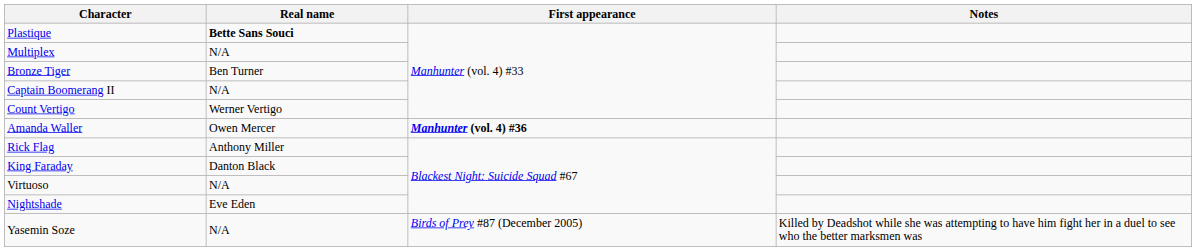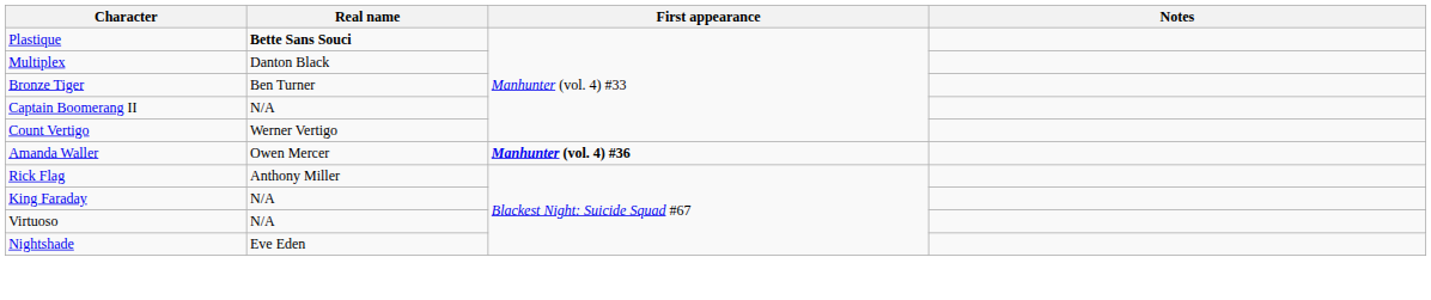 <table class="wikitable" width=100%>
 <tr>
 <th width=17%>Character</th>
 <th width=17%>Real name</th>
 <th width=31%>First appearance</th>
 <th width=35%>Notes</th>
 </tr>
 <tr>
 <td><a href='#'>Plastique</a></td>
 <td><strong>Bette Sans Souci</strong></td>
 <td rowspan=5><em><a href='#'>Manhunter</a></em> (vol. 4) #33</td>
 <td></td>
 </tr>
 <tr>
 <td><a href='#'>Multiplex</a></td>
-<td>N/A</td>
+<td>Danton Black</td>
 <td></td>
 </tr>
 <tr>
 <td><a href='#'>Bronze Tiger</a></td>
 <td>Ben Turner</td>
 <td></td>
 </tr>
 <tr>
 <td><a href='#'>Captain Boomerang</a> II</td>
 <td>N/A</td>
 <td></td>
 </tr>
 <tr>
 <td><a href='#'>Count Vertigo</a></td>
 <td>Werner Vertigo</td>
 <td valign="top"></td>
 </tr>
 <tr>
 <td><a href='#'>Amanda Waller</a></td>
 <td>Owen Mercer</td>
 <td><strong><em><a href='#'>Manhunter</a></em> (vol. 4) #36</strong></td>
 <td></td>
 </tr>
 <tr>
 <td><a href='#'>Rick Flag</a></td>
 <td>Anthony Miller</td>
 <td rowspan=4><em><a href='#'>Blackest Night: Suicide Squad</a></em> #67</td>
 <td></td>
 </tr>
 <tr>
 <td><a href='#'>King Faraday</a></td>
-<td>Danton Black</td>
+<td>N/A</td>
 <td></td>
 </tr>
 <tr>
 <td>Virtuoso</td>
 <td>N/A</td>
 <td></td>
 </tr>
 <tr>
 <td><a href='#'>Nightshade</a></td>
 <td>Eve Eden</td>
 <td></td>
 </tr>
-<tr>
-<td>Yasemin Soze</td>
-<td>N/A</td>
-<td valign="top"><em><a href='#'>Birds of Prey</a></em> #87 (December 2005)</td>
-<td>Killed by Deadshot while she was attempting to have him fight her in a duel to see who the better marksmen was</td>
-</tr>
 </table>
